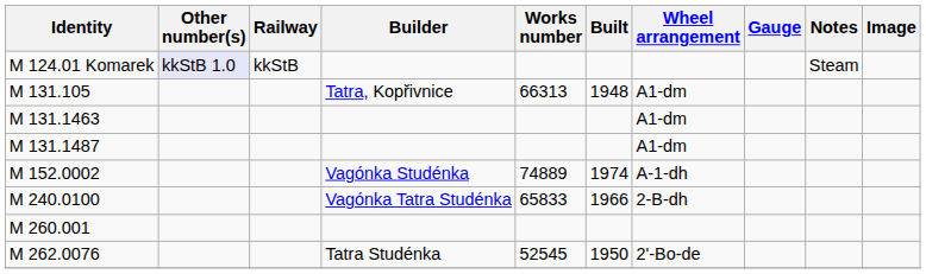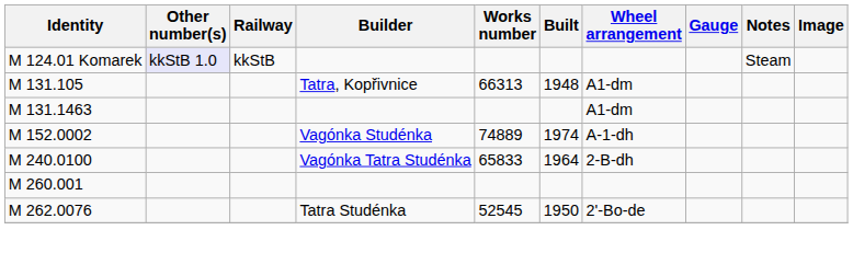 <table class="wikitable sortable">
 <tr>
 <th>Identity</th>
 <th>Other<br>number(s)</th>
 <th>Railway</th>
 <th>Builder</th>
 <th>Works<br>number</th>
 <th>Built</th>
 <th><a href='#'>Wheel<br>arrange­ment</a></th>
 <th scope="col" width="5px"><a href='#'>Gauge</a></th>
 <th>Notes</th>
 <th>Image</th>
 </tr>
 <tr>
 <td>M 124.01 Komarek</td>
 <td style="background: lavender;">kkStB 1.0</td>
 <td>kkStB</td>
 <td></td>
 <td></td>
 <td></td>
 <td></td>
 <td></td>
 <td>Steam</td>
 <td></td>
 </tr>
 <tr>
 <td>M 131.105</td>
 <td></td>
 <td></td>
 <td><a href='#'>Tatra</a>, Kopřivnice</td>
 <td>66313</td>
 <td>1948</td>
 <td>A1-dm</td>
 <td></td>
 <td></td>
 <td></td>
 </tr>
 <tr>
 <td>M 131.1463</td>
 <td></td>
 <td></td>
 <td></td>
 <td></td>
 <td></td>
 <td>A1-dm</td>
 <td></td>
 <td></td>
 <td></td>
 </tr>
 <tr>
-<td>M 131.1487</td>
-<td></td>
-<td></td>
-<td></td>
-<td></td>
-<td></td>
-<td>A1-dm</td>
-<td></td>
-<td></td>
-<td></td>
-</tr>
-<tr>
 <td>M 152.0002</td>
 <td></td>
 <td></td>
 <td><a href='#'>Vagónka Studénka</a></td>
 <td>74889</td>
 <td>1974</td>
 <td>A-1-dh</td>
 <td></td>
 <td></td>
 <td></td>
 </tr>
 <tr>
 <td>M 240.0100</td>
 <td></td>
 <td></td>
 <td><a href='#'>Vagónka Tatra Studénka</a></td>
 <td>65833</td>
-<td>1966</td>
+<td>1964</td>
 <td>2-B-dh</td>
 <td></td>
 <td></td>
 <td></td>
 </tr>
 <tr>
 <td>M 260.001</td>
 <td></td>
 <td></td>
 <td></td>
 <td></td>
 <td></td>
 <td></td>
 <td></td>
 <td></td>
 </tr>
 <tr>
 <td>M 262.0076</td>
 <td></td>
 <td></td>
 <td>Tatra Studénka</td>
 <td>52545</td>
 <td>1950</td>
 <td>2'-Bo-de</td>
 <td></td>
 <td></td>
 <td></td>
 </tr>
 <tr>
 </tr>
 </table>
